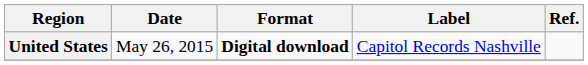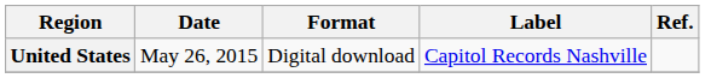 <table class="wikitable plainrowheaders">
 <tr>
 <th scope="col">Region</th>
 <th scope="col">Date</th>
 <th scope="col">Format</th>
 <th scope="col">Label</th>
 <th scope="col">Ref.</th>
 </tr>
 <tr>
 <th scope="row">United States</th>
 <td>May 26, 2015</td>
-<td><strong>Digital download</strong></td>
+<td>Digital download</td>
 <td><a href='#'>Capitol Records Nashville</a></td>
 <td></td>
 </tr>
 <tr>
 </tr>
 </table>
